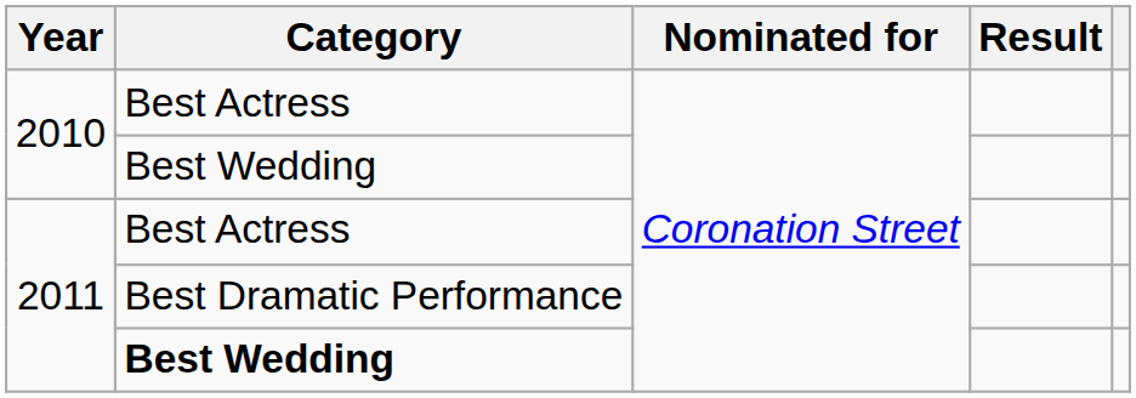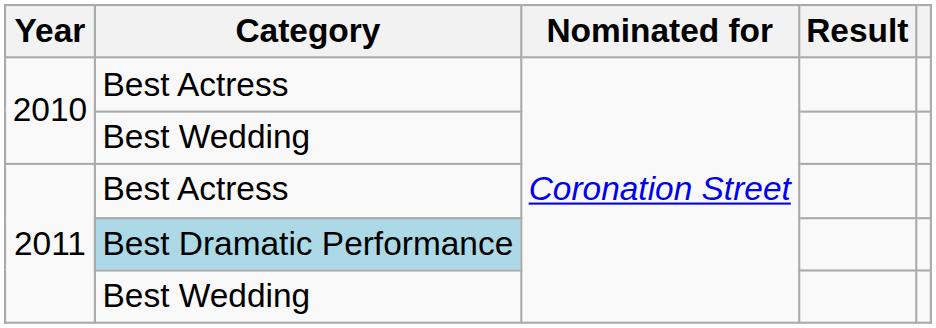 <table class="wikitable plainrowheaders">
 <tr>
 <th scope="col">Year</th>
 <th scope="col">Category</th>
 <th scope="col">Nominated for</th>
 <th scope="col">Result</th>
 <th scope="col"></th>
 </tr>
 <tr>
 <td rowspan = "2" align="center">2010</td>
 <td>Best Actress</td>
 <td rowspan = "5"><em><a href='#'>Coronation Street</a></em></td>
 <td></td>
 <td></td>
 </tr>
 <tr>
 <td>Best Wedding </td>
 <td></td>
 </tr>
 <tr>
 <td rowspan = "3" align="center">2011</td>
 <td>Best Actress</td>
 <td></td>
 <td></td>
 </tr>
 <tr>
-<td>Best Dramatic Performance</td>
+<td style="background: lightblue;">Best Dramatic Performance</td>
 <td></td>
 <td></td>
 </tr>
 <tr>
-<td><strong>Best Wedding </strong></td>
+<td>Best Wedding </td>
 <td></td>
 </tr>
 </table>
